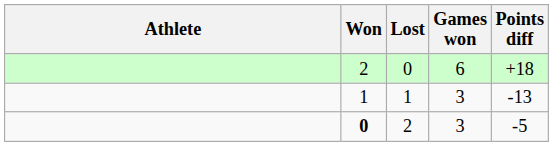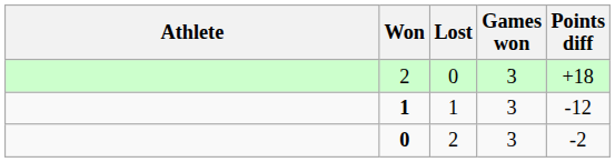 <table class="wikitable">
 <tr>
 <th style="width:18em">Athlete</th>
 <th>Won</th>
 <th>Lost</th>
 <th>Games<br>won</th>
 <th>Points<br>diff</th>
 </tr>
 <tr bgcolor="#ccffcc">
 <td></td>
 <td align="center">2</td>
 <td align="center">0</td>
-<td align="center">6</td>
+<td align="center">3</td>
 <td align="center">+18</td>
 </tr>
 <tr>
 <td></td>
-<td align="center">1</td>
+<td align="center"><strong>1</strong></td>
 <td align="center">1</td>
 <td align="center">3</td>
-<td align="center">-13</td>
+<td align="center">-12</td>
 </tr>
 <tr>
 <td></td>
 <td align="center"><strong>0</strong></td>
 <td align="center">2</td>
 <td align="center">3</td>
-<td align="center">-5</td>
+<td align="center">-2</td>
 </tr>
 </table>
